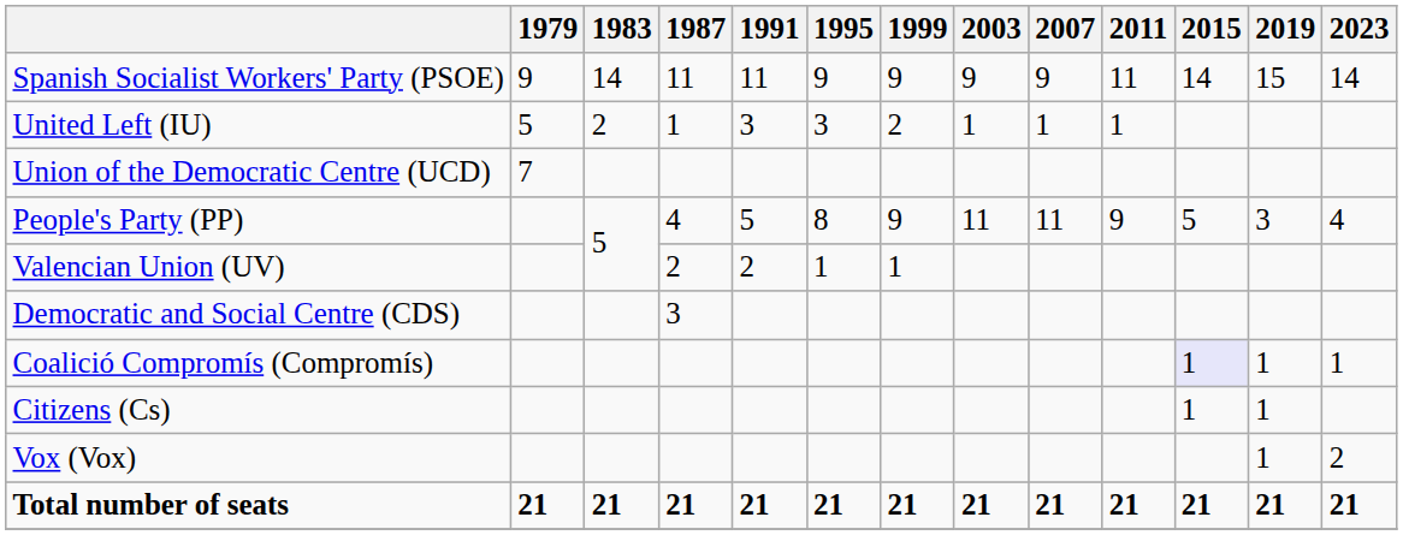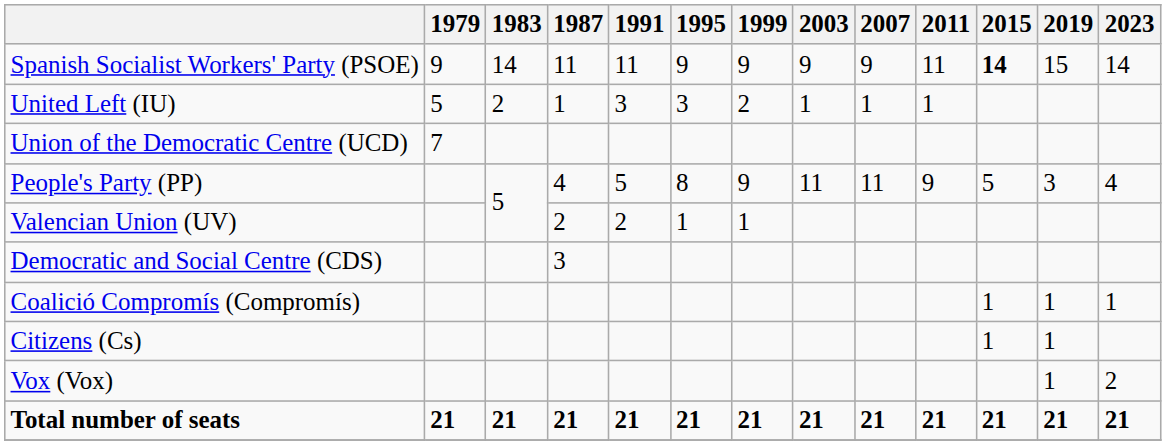 <table class="wikitable">
 <tr>
 <th></th>
 <th>1979</th>
 <th>1983</th>
 <th>1987</th>
 <th>1991</th>
 <th>1995</th>
 <th>1999</th>
 <th>2003</th>
 <th>2007</th>
 <th>2011</th>
 <th>2015</th>
 <th>2019</th>
 <th>2023</th>
 </tr>
 <tr>
 <td><a href='#'>Spanish Socialist Workers' Party</a> (PSOE)</td>
 <td>9</td>
 <td>14</td>
 <td>11</td>
 <td>11</td>
 <td>9</td>
 <td>9</td>
 <td>9</td>
 <td>9</td>
 <td>11</td>
-<td>14</td>
+<td><strong>14</strong></td>
 <td>15</td>
 <td>14</td>
 </tr>
 <tr>
 <td><a href='#'>United Left</a> (IU)</td>
 <td>5</td>
 <td>2</td>
 <td>1</td>
 <td>3</td>
 <td>3</td>
 <td>2</td>
 <td>1</td>
 <td>1</td>
 <td>1</td>
 <td></td>
 <td></td>
 <td></td>
 </tr>
 <tr>
 <td><a href='#'>Union of the Democratic Centre</a> (UCD)</td>
 <td>7</td>
 <td></td>
 <td></td>
 <td></td>
 <td></td>
 <td></td>
 <td></td>
 <td></td>
 <td></td>
 <td></td>
 <td></td>
 <td></td>
 </tr>
 <tr>
 <td><a href='#'>People's Party</a> (PP)</td>
 <td></td>
 <td rowspan=2>5</td>
 <td>4</td>
 <td>5</td>
 <td>8</td>
 <td>9</td>
 <td>11</td>
 <td>11</td>
 <td>9</td>
 <td>5</td>
 <td>3</td>
 <td>4</td>
 </tr>
 <tr>
 <td><a href='#'>Valencian Union</a> (UV)</td>
 <td></td>
 <td>2</td>
 <td>2</td>
 <td>1</td>
 <td>1</td>
 <td></td>
 <td></td>
 <td></td>
 <td></td>
 <td></td>
 <td></td>
 </tr>
 <tr>
 <td><a href='#'>Democratic and Social Centre</a> (CDS)</td>
 <td></td>
 <td></td>
 <td>3</td>
 <td></td>
 <td></td>
 <td></td>
 <td></td>
 <td></td>
 <td></td>
 <td></td>
 <td></td>
 <td></td>
 </tr>
 <tr>
 <td><a href='#'>Coalició Compromís</a> (Compromís)</td>
 <td></td>
 <td></td>
 <td></td>
 <td></td>
 <td></td>
 <td></td>
 <td></td>
 <td></td>
 <td></td>
-<td style="background: lavender;">1</td>
+<td>1</td>
 <td>1</td>
 <td>1</td>
 </tr>
 <tr>
 <td><a href='#'>Citizens</a> (Cs)</td>
 <td></td>
 <td></td>
 <td></td>
 <td></td>
 <td></td>
 <td></td>
 <td></td>
 <td></td>
 <td></td>
 <td>1</td>
 <td>1</td>
 <td></td>
 </tr>
 <tr>
 <td><a href='#'>Vox</a> (Vox)</td>
 <td></td>
 <td></td>
 <td></td>
 <td></td>
 <td></td>
 <td></td>
 <td></td>
 <td></td>
 <td></td>
 <td></td>
 <td>1</td>
 <td>2</td>
 </tr>
 <tr>
 <td><strong>Total number of seats</strong></td>
 <td><strong>21</strong></td>
 <td><strong>21</strong></td>
 <td><strong>21</strong></td>
 <td><strong>21</strong></td>
 <td><strong>21</strong></td>
 <td><strong>21</strong></td>
 <td><strong>21</strong></td>
 <td><strong>21</strong></td>
 <td><strong>21</strong></td>
 <td><strong>21</strong></td>
 <td><strong>21</strong></td>
 <td><strong>21</strong></td>
 </tr>
 <tr>
 </tr>
 </table>
